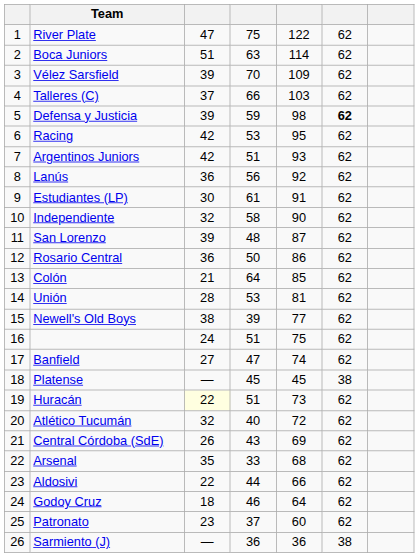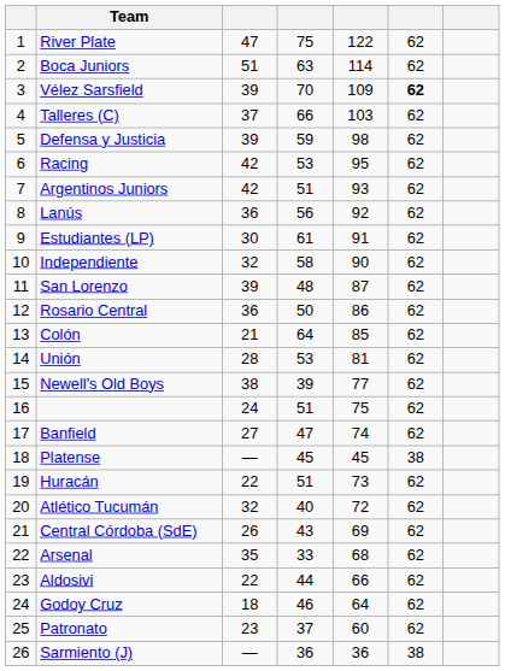 <table class="wikitable sortable" style="text-align: center;">
 <tr>
 <th width=25></th>
 <th width=185>Team</th>
 <th width=50></th>
 <th width=50></th>
 <th width=50></th>
 <th width=50></th>
 <th width=50></th>
 </tr>
 <tr>
 <td>1</td>
 <td align="left"><a href='#'>River Plate</a></td>
 <td>47</td>
 <td>75</td>
 <td>122</td>
 <td>62</td>
 <td><strong></strong></td>
 </tr>
 <tr>
 <td>2</td>
 <td align="left"><a href='#'>Boca Juniors</a></td>
 <td>51</td>
 <td>63</td>
 <td>114</td>
 <td>62</td>
 <td><strong></strong></td>
 </tr>
 <tr>
 <td>3</td>
 <td align="left"><a href='#'>Vélez Sarsfield</a></td>
 <td>39</td>
 <td>70</td>
 <td>109</td>
-<td>62</td>
+<td><strong>62</strong></td>
 <td><strong></strong></td>
 </tr>
 <tr>
 <td>4</td>
 <td align="left"><a href='#'>Talleres (C)</a></td>
 <td>37</td>
 <td>66</td>
 <td>103</td>
 <td>62</td>
 <td><strong></strong></td>
 </tr>
 <tr>
 <td>5</td>
 <td align="left"><a href='#'>Defensa y Justicia</a></td>
 <td>39</td>
 <td>59</td>
 <td>98</td>
-<td><strong>62</strong></td>
+<td>62</td>
 <td><strong></strong></td>
 </tr>
 <tr>
 <td>6</td>
 <td align="left"><a href='#'>Racing</a></td>
 <td>42</td>
 <td>53</td>
 <td>95</td>
 <td>62</td>
 <td><strong></strong></td>
 </tr>
 <tr>
 <td>7</td>
 <td align="left"><a href='#'>Argentinos Juniors</a></td>
 <td>42</td>
 <td>51</td>
 <td>93</td>
 <td>62</td>
 <td><strong></strong></td>
 </tr>
 <tr>
 <td>8</td>
 <td align="left"><a href='#'>Lanús</a></td>
 <td>36</td>
 <td>56</td>
 <td>92</td>
 <td>62</td>
 <td><strong></strong></td>
 </tr>
 <tr>
 <td>9</td>
 <td align="left"><a href='#'>Estudiantes (LP)</a></td>
 <td>30</td>
 <td>61</td>
 <td>91</td>
 <td>62</td>
 <td><strong></strong></td>
 </tr>
 <tr>
 <td>10</td>
 <td align="left"><a href='#'>Independiente</a></td>
 <td>32</td>
 <td>58</td>
 <td>90</td>
 <td>62</td>
 <td><strong></strong></td>
 </tr>
 <tr>
 <td>11</td>
 <td align="left"><a href='#'>San Lorenzo</a></td>
 <td>39</td>
 <td>48</td>
 <td>87</td>
 <td>62</td>
 <td><strong></strong></td>
 </tr>
 <tr>
 <td>12</td>
 <td align="left"><a href='#'>Rosario Central</a></td>
 <td>36</td>
 <td>50</td>
 <td>86</td>
 <td>62</td>
 <td><strong></strong></td>
 </tr>
 <tr>
 <td>13</td>
 <td align="left"><a href='#'>Colón</a></td>
 <td>21</td>
 <td>64</td>
 <td>85</td>
 <td>62</td>
 <td><strong></strong></td>
 </tr>
 <tr>
 <td>14</td>
 <td align="left"><a href='#'>Unión</a></td>
 <td>28</td>
 <td>53</td>
 <td>81</td>
 <td>62</td>
 <td><strong></strong></td>
 </tr>
 <tr>
 <td>15</td>
 <td align="left"><a href='#'>Newell's Old Boys</a></td>
 <td>38</td>
 <td>39</td>
 <td>77</td>
 <td>62</td>
 <td><strong></strong></td>
 </tr>
 <tr>
 <td>16</td>
 <td align="left"></td>
 <td>24</td>
 <td>51</td>
 <td>75</td>
 <td>62</td>
 <td><strong></strong></td>
 </tr>
 <tr>
 <td>17</td>
 <td align="left"><a href='#'>Banfield</a></td>
 <td>27</td>
 <td>47</td>
 <td>74</td>
 <td>62</td>
 <td><strong></strong></td>
 </tr>
 <tr>
 <td>18</td>
 <td align="left"><a href='#'>Platense</a></td>
 <td>—</td>
 <td>45</td>
 <td>45</td>
 <td>38</td>
 <td><strong></strong></td>
 </tr>
 <tr>
 <td>19</td>
 <td align="left"><a href='#'>Huracán</a></td>
-<td style="background: lightyellow;">22</td>
+<td>22</td>
 <td>51</td>
 <td>73</td>
 <td>62</td>
 <td><strong></strong></td>
 </tr>
 <tr>
 <td>20</td>
 <td align="left"><a href='#'>Atlético Tucumán</a></td>
 <td>32</td>
 <td>40</td>
 <td>72</td>
 <td>62</td>
 <td><strong></strong></td>
 </tr>
 <tr>
 <td>21</td>
 <td align="left"><a href='#'>Central Córdoba (SdE)</a></td>
 <td>26</td>
 <td>43</td>
 <td>69</td>
 <td>62</td>
 <td><strong></strong></td>
 </tr>
 <tr>
 <td>22</td>
 <td align="left"><a href='#'>Arsenal</a></td>
 <td>35</td>
 <td>33</td>
 <td>68</td>
 <td>62</td>
 <td><strong></strong></td>
 </tr>
 <tr>
 <td>23</td>
 <td align="left"><a href='#'>Aldosivi</a></td>
 <td>22</td>
 <td>44</td>
 <td>66</td>
 <td>62</td>
 <td><strong></strong></td>
 </tr>
 <tr>
 <td>24</td>
 <td align="left"><a href='#'>Godoy Cruz</a></td>
 <td>18</td>
 <td>46</td>
 <td>64</td>
 <td>62</td>
 <td><strong></strong></td>
 </tr>
 <tr>
 <td>25</td>
 <td align="left"><a href='#'>Patronato</a></td>
 <td>23</td>
 <td>37</td>
 <td>60</td>
 <td>62</td>
 <td><strong></strong></td>
 </tr>
 <tr>
 <td>26</td>
 <td align="left"><a href='#'>Sarmiento (J)</a></td>
 <td>—</td>
 <td>36</td>
 <td>36</td>
 <td>38</td>
 <td><strong></strong></td>
 </tr>
 </table>
